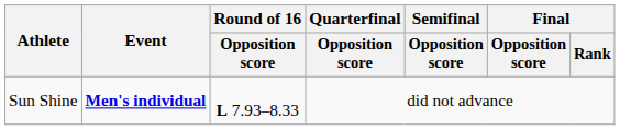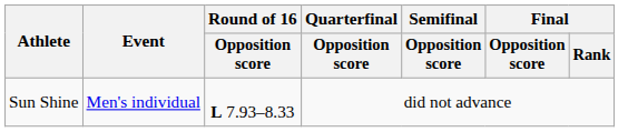 <table class=wikitable style=font-size:90%;text-align:center>
 <tr>
 <th rowspan=2>Athlete</th>
 <th rowspan=2>Event</th>
 <th>Round of 16</th>
 <th>Quarterfinal</th>
 <th>Semifinal</th>
 <th colspan=2>Final</th>
 </tr>
 <tr style=font-size:95%>
 <th>Opposition<br>score</th>
 <th>Opposition<br>score</th>
 <th>Opposition<br>score</th>
 <th>Opposition<br>score</th>
 <th>Rank</th>
 </tr>
 <tr>
 <td align=left>Sun Shine</td>
-<td align=left><strong><a href='#'>Men's individual</a></strong></td>
+<td align=left><a href='#'>Men's individual</a></td>
 <td><br><strong>L</strong> 7.93–8.33</td>
 <td colspan=4>did not advance</td>
 </tr>
 </table>
